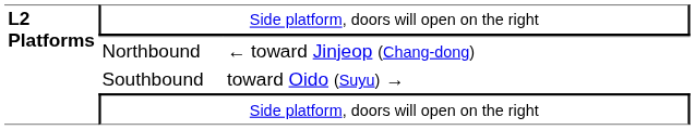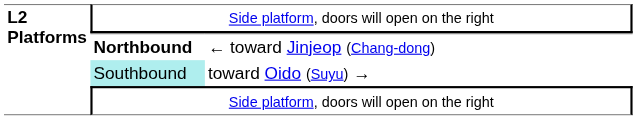 <table table border=0 cellspacing=0 cellpadding=3>
 <tr>
 <td style="border-top:solid 1px gray;border-bottom:solid 1px gray;" width=50 rowspan=10 valign=top><strong>L2<br>Platforms</strong></td>
 <td style="border-top:solid 1px gray;border-right:solid 2px black;border-left:solid 2px black;border-bottom:solid 2px black;text-align:center;" colspan=2><small><a href='#'>Side platform</a>, doors will open on the right</small></td>
 </tr>
 <tr>
-<td style="border-bottom:solid 0px gray;border-top:solid 1px gray;" width=100>Northbound</td>
+<td style="border-bottom:solid 0px gray;border-top:solid 1px gray;" width=100><strong>Northbound</strong></td>
 <td style="border-bottom:solid 0px gray;border-top:solid 1px gray;" width=390>←  toward <a href='#'>Jinjeop</a> <small>(<a href='#'>Chang-dong</a>)</small></td>
 </tr>
 <tr>
-<td>Southbound</td>
+<td style="background: paleturquoise;">Southbound</td>
 <td>  toward <a href='#'>Oido</a> <small>(<a href='#'>Suyu</a>)</small> →</td>
 </tr>
 <tr>
 <td style="border-top:solid 2px black;border-right:solid 2px black;border-left:solid 2px black;border-bottom:solid 1px gray;text-align:center;" colspan=2><small><a href='#'>Side platform</a>, doors will open on the right</small></td>
 </tr>
 </table>
